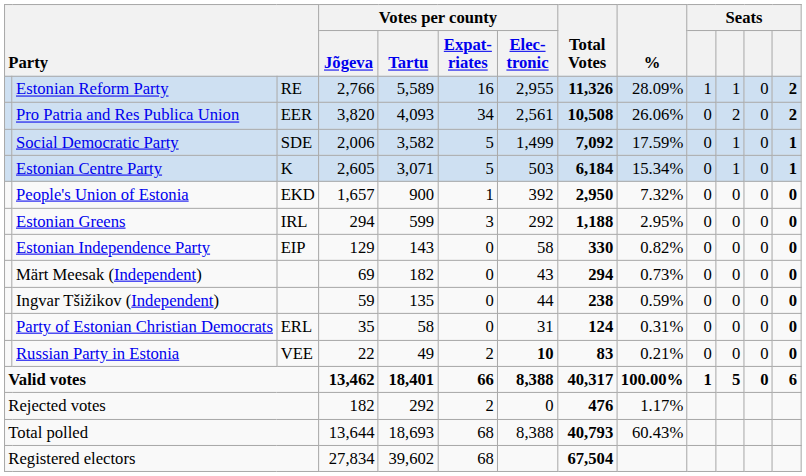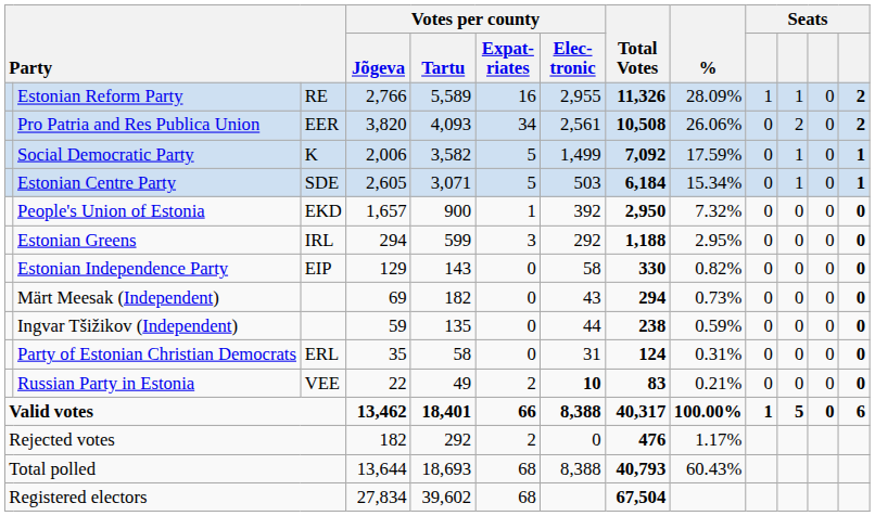 <table class="wikitable" border="1" style="text-align:right;">
 <tr>
 <th style="text-align:left;" valign=bottom rowspan=2 colspan=3>Party</th>
 <th colspan=4>Votes per county</th>
 <th align=center valign=bottom rowspan=2 width="50">Total Votes</th>
 <th align=center valign=bottom rowspan=2 width="50">%</th>
 <th colspan=4>Seats</th>
 </tr>
 <tr>
 <th align=center valign=bottom width="50"><a href='#'>Jõgeva</a></th>
 <th align=center valign=bottom width="50"><a href='#'>Tartu</a></th>
 <th align=center valign=bottom width="50"><a href='#'>Expat- riates</a></th>
 <th align=center valign=bottom width="50"><a href='#'>Elec- tronic</a></th>
 <th align=center valign=bottom width="20"><small></small></th>
 <th align=center valign=bottom width="20"><small></small></th>
 <th align=center valign=bottom width="20"><small></small></th>
 <th align=center valign=bottom width="20"><small></small></th>
 </tr>
 <tr style="background:#CEE0F2;">
 <td style="background:"></td>
 <td align=left><a href='#'>Estonian Reform Party</a></td>
 <td align=left>RE</td>
 <td>2,766</td>
 <td>5,589</td>
 <td>16</td>
 <td>2,955</td>
 <td><strong>11,326</strong></td>
 <td>28.09%</td>
 <td>1</td>
 <td>1</td>
 <td>0</td>
 <td><strong>2</strong></td>
 </tr>
 <tr style="background:#CEE0F2;">
 <td style="background:"></td>
 <td align=left><a href='#'>Pro Patria and Res Publica Union</a></td>
 <td align=left>EER</td>
 <td>3,820</td>
 <td>4,093</td>
 <td>34</td>
 <td>2,561</td>
 <td><strong>10,508</strong></td>
 <td>26.06%</td>
 <td>0</td>
 <td>2</td>
 <td>0</td>
 <td><strong>2</strong></td>
 </tr>
 <tr style="background:#CEE0F2;">
 <td style="background:"></td>
 <td align=left><a href='#'>Social Democratic Party</a></td>
-<td align=left>SDE</td>
+<td align=left>K</td>
 <td>2,006</td>
 <td>3,582</td>
 <td>5</td>
 <td>1,499</td>
 <td><strong>7,092</strong></td>
 <td>17.59%</td>
 <td>0</td>
 <td>1</td>
 <td>0</td>
 <td><strong>1</strong></td>
 </tr>
 <tr style="background:#CEE0F2;">
 <td style="background:"></td>
 <td align=left><a href='#'>Estonian Centre Party</a></td>
-<td align=left>K</td>
+<td align=left>SDE</td>
 <td>2,605</td>
 <td>3,071</td>
 <td>5</td>
 <td>503</td>
 <td><strong>6,184</strong></td>
 <td>15.34%</td>
 <td>0</td>
 <td>1</td>
 <td>0</td>
 <td><strong>1</strong></td>
 </tr>
 <tr>
 <td style="background:"></td>
 <td align=left><a href='#'>People's Union of Estonia</a></td>
 <td align=left>EKD</td>
 <td>1,657</td>
 <td>900</td>
 <td>1</td>
 <td>392</td>
 <td><strong>2,950</strong></td>
 <td>7.32%</td>
 <td>0</td>
 <td>0</td>
 <td>0</td>
 <td><strong>0</strong></td>
 </tr>
 <tr>
 <td style="background:"></td>
 <td align=left><a href='#'>Estonian Greens</a></td>
 <td align=left>IRL</td>
 <td>294</td>
 <td>599</td>
 <td>3</td>
 <td>292</td>
 <td><strong>1,188</strong></td>
 <td>2.95%</td>
 <td>0</td>
 <td>0</td>
 <td>0</td>
 <td><strong>0</strong></td>
 </tr>
 <tr>
 <td style="background:"></td>
 <td align=left><a href='#'>Estonian Independence Party</a></td>
 <td align=left>EIP</td>
 <td>129</td>
 <td>143</td>
 <td>0</td>
 <td>58</td>
 <td><strong>330</strong></td>
 <td>0.82%</td>
 <td>0</td>
 <td>0</td>
 <td>0</td>
 <td><strong>0</strong></td>
 </tr>
 <tr>
 <td style="background:"></td>
 <td align=left>Märt Meesak (<a href='#'>Independent</a>)</td>
 <td></td>
 <td>69</td>
 <td>182</td>
 <td>0</td>
 <td>43</td>
 <td><strong>294</strong></td>
 <td>0.73%</td>
 <td>0</td>
 <td>0</td>
 <td>0</td>
 <td><strong>0</strong></td>
 </tr>
 <tr>
 <td style="background:"></td>
 <td align=left>Ingvar Tšižikov (<a href='#'>Independent</a>)</td>
 <td></td>
 <td>59</td>
 <td>135</td>
 <td>0</td>
 <td>44</td>
 <td><strong>238</strong></td>
 <td>0.59%</td>
 <td>0</td>
 <td>0</td>
 <td>0</td>
 <td><strong>0</strong></td>
 </tr>
 <tr>
 <td style="background:"></td>
 <td align=left><a href='#'>Party of Estonian Christian Democrats</a></td>
 <td align=left>ERL</td>
 <td>35</td>
 <td>58</td>
 <td>0</td>
 <td>31</td>
 <td><strong>124</strong></td>
 <td>0.31%</td>
 <td>0</td>
 <td>0</td>
 <td>0</td>
 <td><strong>0</strong></td>
 </tr>
 <tr>
 <td></td>
 <td align=left><a href='#'>Russian Party in Estonia</a></td>
 <td align=left>VEE</td>
 <td>22</td>
 <td>49</td>
 <td>2</td>
 <td><strong>10</strong></td>
 <td><strong>83</strong></td>
 <td>0.21%</td>
 <td>0</td>
 <td>0</td>
 <td>0</td>
 <td><strong>0</strong></td>
 </tr>
 <tr style="font-weight:bold">
 <td align=left colspan=3>Valid votes</td>
 <td>13,462</td>
 <td>18,401</td>
 <td>66</td>
 <td>8,388</td>
 <td>40,317</td>
 <td>100.00%</td>
 <td>1</td>
 <td>5</td>
 <td>0</td>
 <td>6</td>
 </tr>
 <tr>
 <td align=left colspan=3>Rejected votes</td>
 <td>182</td>
 <td>292</td>
 <td>2</td>
 <td>0</td>
 <td><strong>476</strong></td>
 <td>1.17%</td>
 <td></td>
 <td></td>
 <td></td>
 <td></td>
 </tr>
 <tr>
 <td align=left colspan=3>Total polled</td>
 <td>13,644</td>
 <td>18,693</td>
 <td>68</td>
 <td>8,388</td>
 <td><strong>40,793</strong></td>
 <td>60.43%</td>
 <td></td>
 <td></td>
 <td></td>
 <td></td>
 </tr>
 <tr>
 <td align=left colspan=3>Registered electors</td>
 <td>27,834</td>
 <td>39,602</td>
 <td>68</td>
 <td></td>
 <td><strong>67,504</strong></td>
 <td></td>
 <td></td>
 <td></td>
 <td></td>
 <td></td>
 </tr>
 </table>
